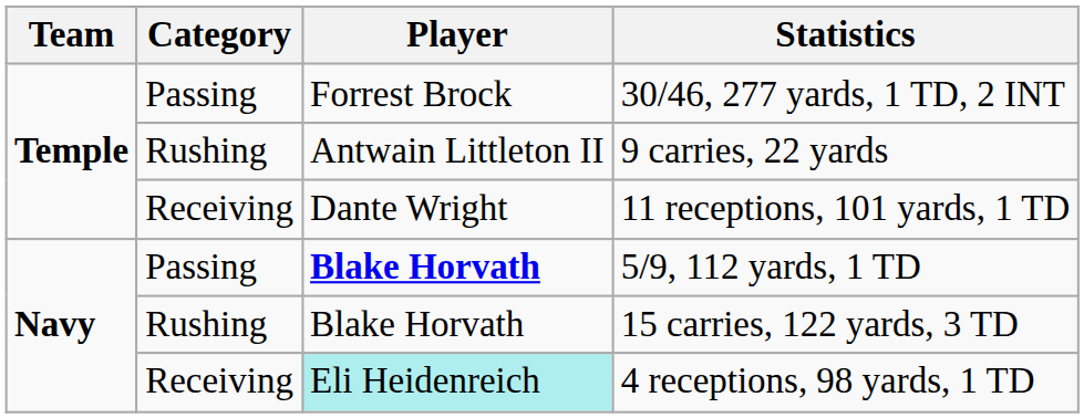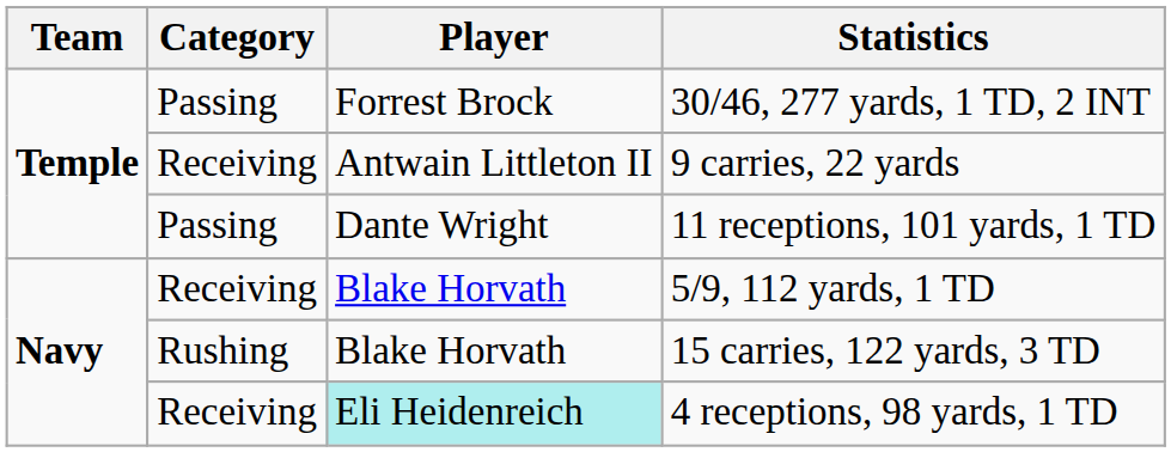 <table class="wikitable" style="float: right;">
 <tr>
 <th>Team</th>
 <th>Category</th>
 <th>Player</th>
 <th>Statistics</th>
 </tr>
 <tr>
 <td rowspan=3><strong>Temple</strong></td>
 <td>Passing</td>
 <td>Forrest Brock</td>
 <td>30/46, 277 yards, 1 TD, 2 INT</td>
 </tr>
 <tr>
-<td>Rushing</td>
+<td>Receiving</td>
 <td>Antwain Littleton II</td>
 <td>9 carries, 22 yards</td>
 </tr>
 <tr>
-<td>Receiving</td>
+<td>Passing</td>
 <td>Dante Wright</td>
 <td>11 receptions, 101 yards, 1 TD</td>
 </tr>
 <tr>
 <td rowspan=3><strong>Navy</strong></td>
-<td>Passing</td>
-<td><strong><a href='#'>Blake Horvath</a></strong></td>
+<td>Receiving</td>
+<td><a href='#'>Blake Horvath</a></td>
 <td>5/9, 112 yards, 1 TD</td>
 </tr>
 <tr>
 <td>Rushing</td>
 <td>Blake Horvath</td>
 <td>15 carries, 122 yards, 3 TD</td>
 </tr>
 <tr>
 <td>Receiving</td>
 <td style="background: paleturquoise;">Eli Heidenreich</td>
 <td>4 receptions, 98 yards, 1 TD</td>
 </tr>
 </table>
